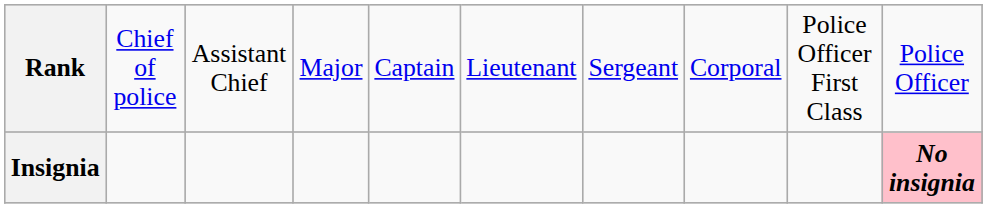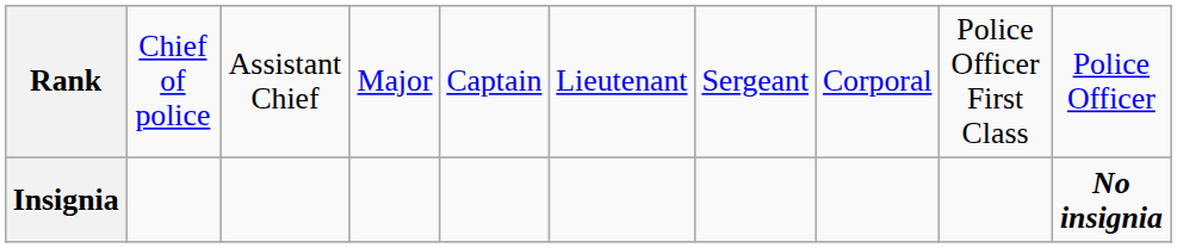 <table class="wikitable">
 <tr style="text-align:center;">
 <th>Rank</th>
 <td><a href='#'>Chief of police</a></td>
 <td>Assistant Chief</td>
 <td><a href='#'>Major</a></td>
 <td><a href='#'>Captain</a></td>
 <td><a href='#'>Lieutenant</a></td>
 <td><a href='#'>Sergeant</a></td>
 <td><a href='#'>Corporal</a></td>
 <td>Police Officer First Class</td>
 <td><a href='#'>Police Officer</a></td>
 </tr>
 <tr style="text-align:center;">
 <th>Insignia</th>
 <td></td>
 <td></td>
 <td></td>
 <td></td>
 <td></td>
 <td></td>
 <td></td>
 <td></td>
-<td style="background: pink;"><strong><em>No insignia</em></strong></td>
+<td><strong><em>No insignia</em></strong></td>
 </tr>
 </table>
